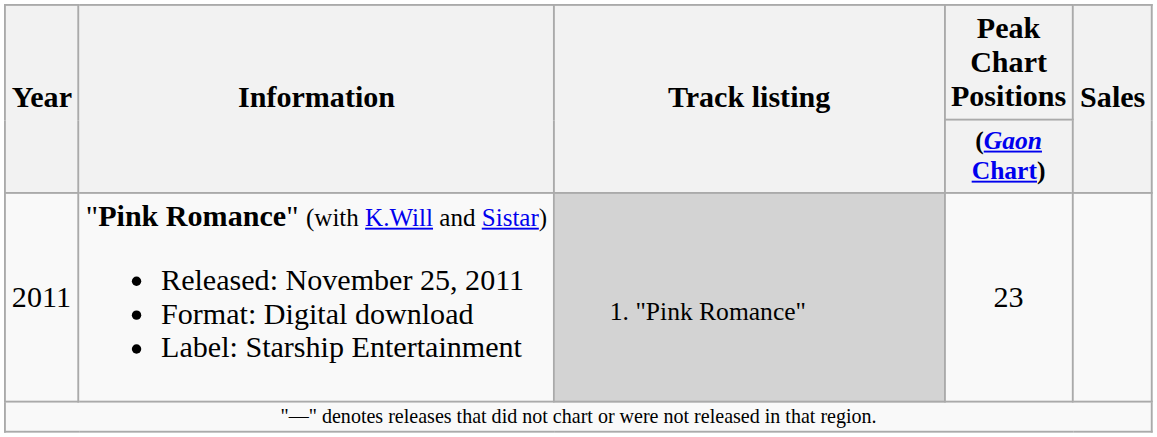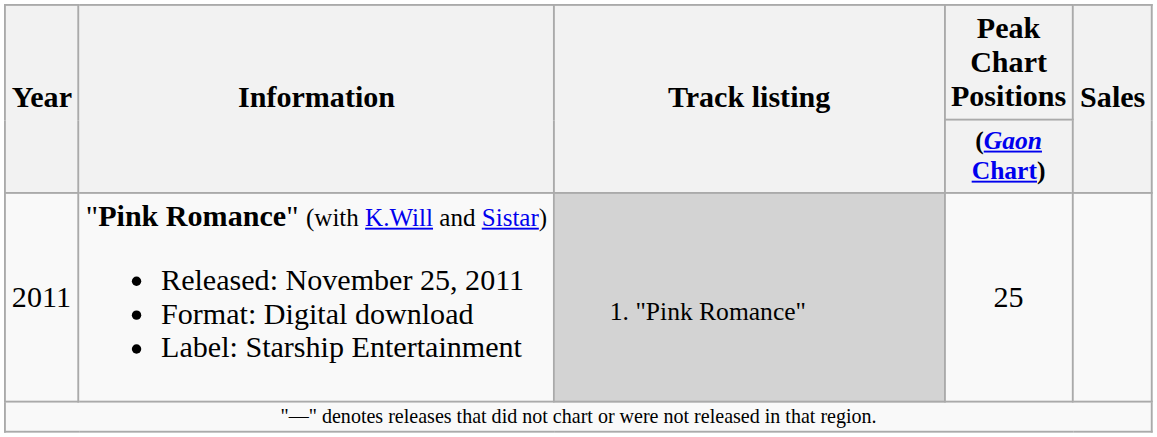 <table class="wikitable" ;>
 <tr>
 <th scope="col" rowspan="2">Year</th>
 <th scope="col" rowspan="2">Information</th>
 <th !scope="col" rowspan="2" align="left" width="200px">Track listing</th>
 <th scope="col" colspan="1">Peak Chart<br>Positions</th>
 <th scope="col" rowspan="2">Sales</th>
 </tr>
 <tr>
 <th scope="col" style="width:4em;font-size:85%;">(<em><a href='#'>Gaon</a></em> <a href='#'>Chart</a>)</th>
 </tr>
 <tr>
 <td>2011</td>
 <td>"<strong>Pink Romance</strong>" <small>(with <a href='#'>K.Will</a> and <a href='#'>Sistar</a>)</small><br><ul><li>Released: November 25, 2011</li><li>Format: Digital download</li><li>Label: Starship Entertainment</li></ul></td>
 <td style="background: lightgrey; font-size: 85%;"><br><ol><li>"Pink Romance"</li></ol></td>
-<td align="center">23</td>
+<td align="center">25</td>
 <td></td>
 </tr>
 <tr>
 <td colspan="14" style="text-align:center; font-size:8pt;">"—" denotes releases that did not chart or were not released in that region.</td>
 </tr>
 </table>
